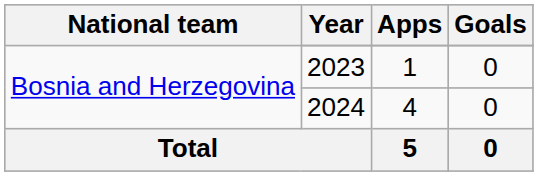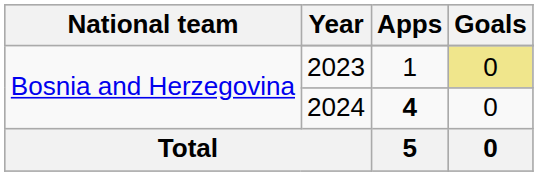 <table class="wikitable" style="text-align:center">
 <tr>
 <th>National team</th>
 <th>Year</th>
 <th>Apps</th>
 <th>Goals</th>
 </tr>
 <tr>
 <td rowspan=3><a href='#'>Bosnia and Herzegovina</a></td>
 </tr>
 <tr>
 <td>2023</td>
 <td>1</td>
-<td>0</td>
+<td style="background: khaki;">0</td>
 </tr>
 <tr>
 <td>2024</td>
-<td>4</td>
+<td><strong>4</strong></td>
 <td>0</td>
 </tr>
 <tr>
 <th colspan=2>Total</th>
 <th>5</th>
 <th>0</th>
 </tr>
 </table>
